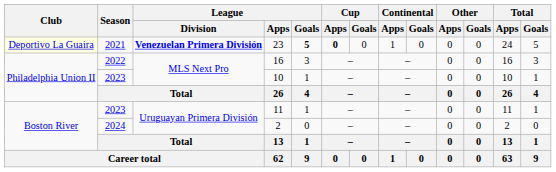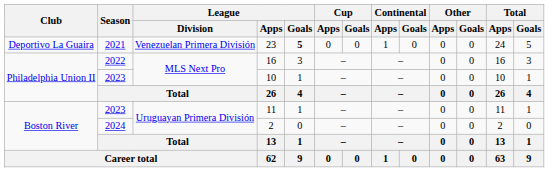 <table class="wikitable" style="text-align: center">
 <tr>
 <th rowspan="2">Club</th>
 <th rowspan="2">Season</th>
 <th colspan="3">League</th>
 <th colspan="2">Cup</th>
 <th colspan="2">Continental</th>
 <th colspan="2">Other</th>
 <th colspan="2">Total</th>
 </tr>
 <tr>
 <th>Division</th>
 <th>Apps</th>
 <th>Goals</th>
 <th>Apps</th>
 <th>Goals</th>
 <th>Apps</th>
 <th>Goals</th>
 <th>Apps</th>
 <th>Goals</th>
 <th>Apps</th>
 <th>Goals</th>
 </tr>
 <tr>
-<td style="background: lightyellow;"><a href='#'>Deportivo La Guaira</a></td>
+<td><a href='#'>Deportivo La Guaira</a></td>
 <td><a href='#'>2021</a></td>
-<td><strong><a href='#'>Venezuelan Primera División</a></strong></td>
+<td><a href='#'>Venezuelan Primera División</a></td>
 <td>23</td>
 <td><strong>5</strong></td>
-<td><strong>0</strong></td>
+<td>0</td>
 <td>0</td>
 <td>1</td>
 <td>0</td>
 <td>0</td>
 <td>0</td>
 <td>24</td>
 <td>5</td>
 </tr>
 <tr>
 <td rowspan="3"><a href='#'>Philadelphia Union II</a></td>
 <td><a href='#'>2022</a></td>
 <td rowspan="2"><a href='#'>MLS Next Pro</a></td>
 <td>16</td>
 <td>3</td>
 <td colspan="2">–</td>
 <td colspan="2">–</td>
 <td>0</td>
 <td>0</td>
 <td>16</td>
 <td>3</td>
 </tr>
 <tr>
 <td><a href='#'>2023</a></td>
 <td>10</td>
 <td>1</td>
 <td colspan="2">–</td>
 <td colspan="2">–</td>
 <td>0</td>
 <td>0</td>
 <td>10</td>
 <td>1</td>
 </tr>
 <tr>
 <th colspan="2">Total</th>
 <th>26</th>
 <th>4</th>
 <th colspan="2">–</th>
 <th colspan="2">–</th>
 <th>0</th>
 <th>0</th>
 <th>26</th>
 <th>4</th>
 </tr>
 <tr>
 <td rowspan="3"><a href='#'>Boston River</a></td>
 <td><a href='#'>2023</a></td>
 <td rowspan="2"><a href='#'>Uruguayan Primera División</a></td>
 <td>11</td>
 <td>1</td>
 <td colspan="2">–</td>
 <td colspan="2">–</td>
 <td>0</td>
 <td>0</td>
 <td>11</td>
 <td>1</td>
 </tr>
 <tr>
 <td><a href='#'>2024</a></td>
 <td>2</td>
 <td>0</td>
 <td colspan="2">–</td>
 <td colspan="2">–</td>
 <td>0</td>
 <td>0</td>
 <td>2</td>
 <td>0</td>
 </tr>
 <tr>
 <th colspan="2">Total</th>
 <th>13</th>
 <th>1</th>
 <th colspan="2">–</th>
 <th colspan="2">–</th>
 <th>0</th>
 <th>0</th>
 <th>13</th>
 <th>1</th>
 </tr>
 <tr>
 <th colspan="3"><strong>Career total</strong></th>
 <th>62</th>
 <th>9</th>
 <th>0</th>
 <th>0</th>
 <th>1</th>
 <th>0</th>
 <th>0</th>
 <th>0</th>
 <th>63</th>
 <th>9</th>
 </tr>
 </table>
